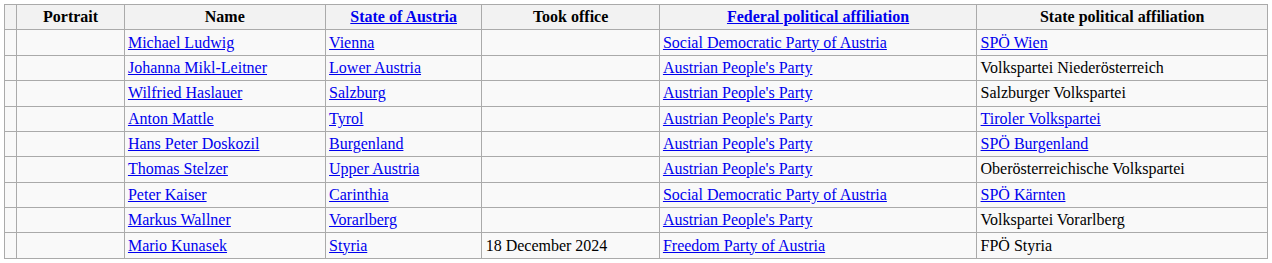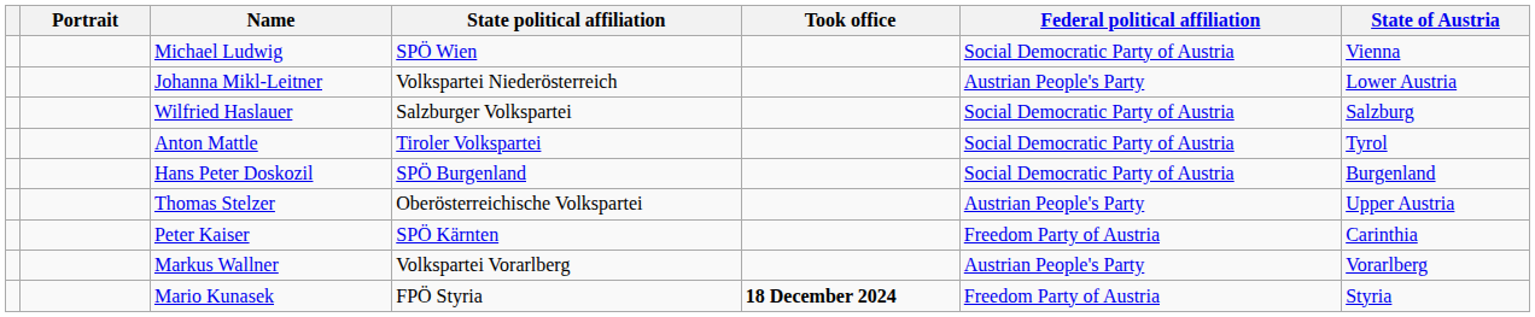 <table class="wikitable sortable" style="border:#555;" width="100%">
 <tr>
 <th class="unsortable" style="width:5px;"></th>
 <th class="unsortable" style="width:100px;">Portrait</th>
 <th>Name</th>
-<th><a href='#'>State of Austria</a></th>
+<th class="unsortable">State political affiliation</th>
 <th>Took office</th>
 <th><a href='#'>Federal political affiliation</a></th>
-<th class="unsortable">State political affiliation</th>
+<th><a href='#'>State of Austria</a></th>
 </tr>
 <tr>
 <td style="background-color: "></td>
 <td></td>
 <td><a href='#'>Michael Ludwig</a></td>
-<td> <a href='#'>Vienna</a> <br> </td>
+<td><a href='#'>SPÖ Wien</a></td>
 <td></td>
 <td><a href='#'>Social Democratic Party of Austria</a></td>
-<td><a href='#'>SPÖ Wien</a></td>
+<td> <a href='#'>Vienna</a> <br> </td>
 </tr>
 <tr>
 <td style="background-color: "></td>
 <td></td>
 <td><a href='#'>Johanna Mikl-Leitner</a></td>
-<td> <a href='#'>Lower Austria</a> <br> </td>
+<td>Volkspartei Niederösterreich</td>
 <td></td>
 <td><a href='#'>Austrian People's Party</a></td>
-<td>Volkspartei Niederösterreich</td>
+<td> <a href='#'>Lower Austria</a> <br> </td>
 </tr>
 <tr>
 <td style="background-color: "></td>
 <td></td>
 <td><a href='#'>Wilfried Haslauer</a></td>
+<td>Salzburger Volkspartei</td>
+<td></td>
+<td><a href='#'>Social Democratic Party of Austria</a></td>
 <td> <a href='#'>Salzburg</a> <br> </td>
-<td></td>
-<td><a href='#'>Austrian People's Party</a></td>
-<td>Salzburger Volkspartei</td>
 </tr>
 <tr>
 <td style="background-color: "></td>
 <td></td>
 <td><a href='#'>Anton Mattle</a></td>
+<td><a href='#'>Tiroler Volkspartei</a></td>
+<td></td>
+<td><a href='#'>Social Democratic Party of Austria</a></td>
 <td> <a href='#'>Tyrol</a> <br> </td>
-<td></td>
-<td><a href='#'>Austrian People's Party</a></td>
-<td><a href='#'>Tiroler Volkspartei</a></td>
 </tr>
 <tr>
 <td style="background-color: "></td>
 <td></td>
 <td><a href='#'>Hans Peter Doskozil</a></td>
+<td><a href='#'>SPÖ Burgenland</a></td>
+<td></td>
+<td><a href='#'>Social Democratic Party of Austria</a></td>
 <td> <a href='#'>Burgenland</a> <br> </td>
-<td></td>
-<td><a href='#'>Austrian People's Party</a></td>
-<td><a href='#'>SPÖ Burgenland</a></td>
 </tr>
 <tr>
 <td style="background-color: "></td>
 <td></td>
 <td><a href='#'>Thomas Stelzer</a></td>
-<td> <a href='#'>Upper Austria</a> <br> </td>
+<td>Oberösterreichische Volkspartei</td>
 <td></td>
 <td><a href='#'>Austrian People's Party</a></td>
-<td>Oberösterreichische Volkspartei</td>
+<td> <a href='#'>Upper Austria</a> <br> </td>
 </tr>
 <tr>
 <td style="background-color: "></td>
 <td></td>
 <td><a href='#'>Peter Kaiser</a></td>
+<td><a href='#'>SPÖ Kärnten</a></td>
+<td></td>
+<td><a href='#'>Freedom Party of Austria</a></td>
 <td> <a href='#'>Carinthia</a> <br> </td>
-<td></td>
-<td><a href='#'>Social Democratic Party of Austria</a></td>
-<td><a href='#'>SPÖ Kärnten</a></td>
 </tr>
 <tr>
 <td style="background-color: "></td>
 <td></td>
 <td><a href='#'>Markus Wallner</a></td>
-<td> <a href='#'>Vorarlberg</a> <br> </td>
+<td>Volkspartei Vorarlberg</td>
 <td></td>
 <td><a href='#'>Austrian People's Party</a></td>
-<td>Volkspartei Vorarlberg</td>
+<td> <a href='#'>Vorarlberg</a> <br> </td>
 </tr>
 <tr>
 <td style="background-color: "></td>
 <td><br></td>
 <td><a href='#'>Mario Kunasek</a></td>
+<td>FPÖ Styria</td>
+<td><strong>18 December 2024</strong></td>
+<td><a href='#'>Freedom Party of Austria</a></td>
 <td> <a href='#'>Styria</a> <br> </td>
-<td>18 December 2024</td>
-<td><a href='#'>Freedom Party of Austria</a></td>
-<td>FPÖ Styria</td>
 </tr>
 </table>
